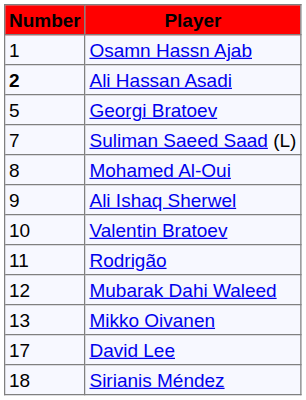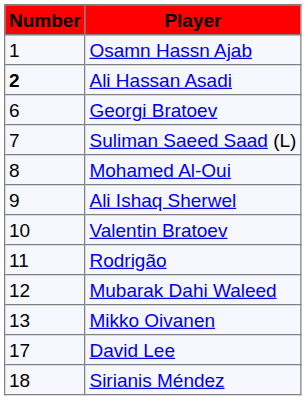 <table bgcolor="#f7f8ff" cellpadding="3" cellspacing="0" border="1" style="font-size: 95%; border: gray solid 1px; border-collapse: collapse;">
 <tr bgcolor="#ff0000">
 <td align=center><strong>Number</strong></td>
 <td align=center><strong>Player</strong></td>
 </tr>
 <tr align="left">
 <td>1</td>
 <td> <a href='#'>Osamn Hassn Ajab</a></td>
 </tr>
 <tr align=left>
 <td><strong>2</strong></td>
 <td> <a href='#'>Ali Hassan Asadi</a></td>
 </tr>
 <tr align="left">
-<td>5</td>
+<td>6</td>
 <td> <a href='#'>Georgi Bratoev</a></td>
 </tr>
 <tr align="left">
 <td>7</td>
 <td> <a href='#'>Suliman Saeed Saad</a> (L)</td>
 </tr>
 <tr align="left">
 <td>8</td>
 <td> <a href='#'>Mohamed Al-Oui</a></td>
 </tr>
 <tr align="left">
 <td>9</td>
 <td> <a href='#'>Ali Ishaq Sherwel</a></td>
 </tr>
 <tr align="left">
 <td>10</td>
 <td> <a href='#'>Valentin Bratoev</a></td>
 </tr>
 <tr align="left">
 <td>11</td>
 <td> <a href='#'>Rodrigão</a></td>
 </tr>
 <tr align="left">
 <td>12</td>
 <td> <a href='#'>Mubarak Dahi Waleed</a></td>
 </tr>
 <tr align="left">
 <td>13</td>
 <td> <a href='#'>Mikko Oivanen</a></td>
 </tr>
 <tr align="left">
 <td>17</td>
 <td> <a href='#'>David Lee</a></td>
 </tr>
 <tr align="left">
 <td>18</td>
 <td> <a href='#'>Sirianis Méndez</a></td>
 </tr>
 </table>
